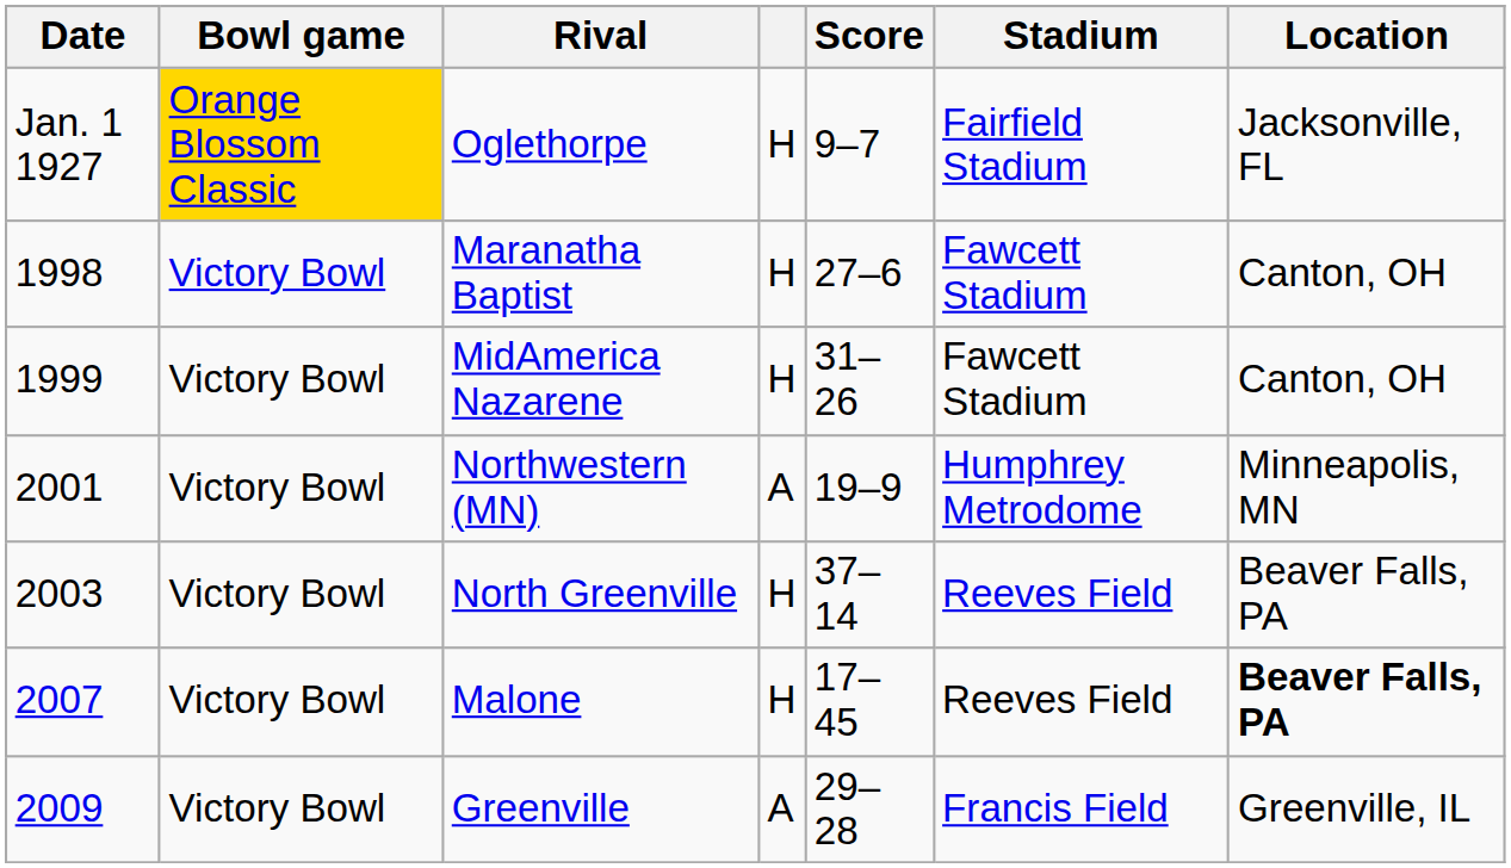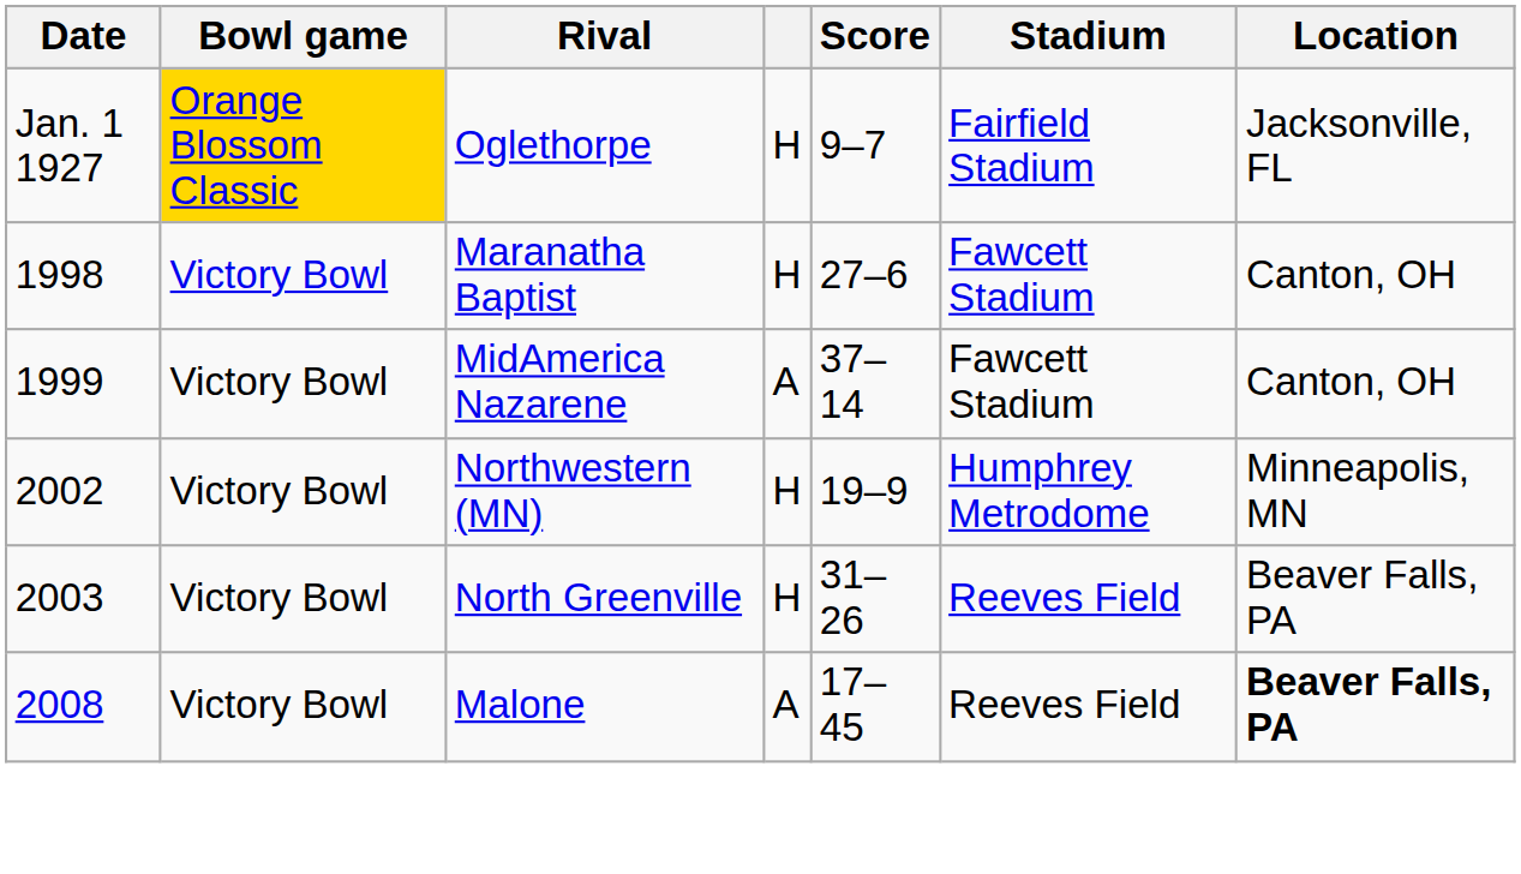 <table class= "wikitable sortable"; style= "font-size: %">
 <tr>
 <th width=px>Date</th>
 <th width=px>Bowl game</th>
 <th width=px>Rival</th>
 <th width=px></th>
 <th width=px>Score</th>
 <th width=px>Stadium</th>
 <th width=px>Location</th>
 </tr>
 <tr>
 <td>Jan. 1 1927</td>
 <td style="background: gold;"><a href='#'>Orange Blossom Classic</a></td>
 <td><a href='#'>Oglethorpe</a></td>
 <td>H</td>
 <td>9–7</td>
 <td><a href='#'>Fairfield Stadium</a> </td>
 <td>Jacksonville, FL</td>
 </tr>
 <tr>
 <td>1998</td>
 <td><a href='#'>Victory Bowl</a></td>
 <td><a href='#'>Maranatha Baptist</a></td>
 <td>H</td>
 <td>27–6</td>
 <td><a href='#'>Fawcett Stadium</a> </td>
 <td>Canton, OH</td>
 </tr>
 <tr>
 <td>1999</td>
 <td>Victory Bowl</td>
 <td><a href='#'>MidAmerica Nazarene</a></td>
-<td>H</td>
-<td>31–26</td>
+<td>A</td>
+<td>37–14</td>
 <td>Fawcett Stadium </td>
 <td>Canton, OH</td>
 </tr>
 <tr>
-<td>2001</td>
+<td>2002</td>
 <td>Victory Bowl</td>
 <td><a href='#'>Northwestern (MN)</a></td>
-<td>A</td>
+<td>H</td>
 <td>19–9</td>
 <td><a href='#'>Humphrey Metrodome</a></td>
 <td>Minneapolis, MN</td>
 </tr>
 <tr>
 <td>2003</td>
 <td>Victory Bowl</td>
 <td><a href='#'>North Greenville</a></td>
 <td>H</td>
-<td>37–14</td>
+<td>31–26</td>
 <td><a href='#'>Reeves Field</a></td>
 <td>Beaver Falls, PA</td>
 </tr>
 <tr>
-<td><a href='#'>2007</a></td>
+<td><a href='#'>2008</a></td>
 <td>Victory Bowl</td>
 <td><a href='#'>Malone</a></td>
-<td>H</td>
+<td>A</td>
 <td>17–45</td>
 <td>Reeves Field</td>
 <td><strong>Beaver Falls, PA</strong></td>
 </tr>
-<tr>
-<td><a href='#'>2009</a></td>
-<td>Victory Bowl</td>
-<td><a href='#'>Greenville</a></td>
-<td>A</td>
-<td>29–28</td>
-<td><a href='#'>Francis Field</a></td>
-<td>Greenville, IL</td>
-</tr>
 </table>
